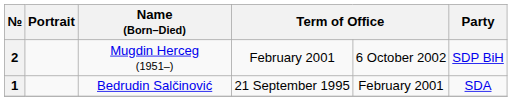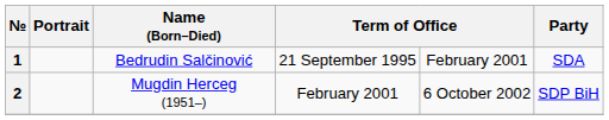 <table class="wikitable" style="text-align:center">
 <tr ->
 <th>№</th>
 <th>Portrait</th>
 <th width=180>Name<br><small>(Born–Died)</small></th>
 <th colspan=2>Term of Office</th>
 <th>Party</th>
+</tr>
+<tr ->
+<th style="background:">1</th>
+<td></td>
+<td><a href='#'>Bedrudin Salčinović</a></td>
+<td>21 September 1995</td>
+<td>February 2001</td>
+<td><a href='#'>SDA</a></td>
 </tr>
 <tr ->
 <th style="background:">2</th>
 <td></td>
 <td><a href='#'>Mugdin Herceg</a><br><small>(1951–)</small></td>
 <td>February 2001</td>
 <td>6 October 2002</td>
 <td><a href='#'>SDP BiH</a></td>
 </tr>
 <tr ->
-<th style="background:">1</th>
-<td></td>
-<td><a href='#'>Bedrudin Salčinović</a></td>
-<td>21 September 1995</td>
-<td>February 2001</td>
-<td><a href='#'>SDA</a></td>
-</tr>
-<tr ->
 </tr>
 </table>
